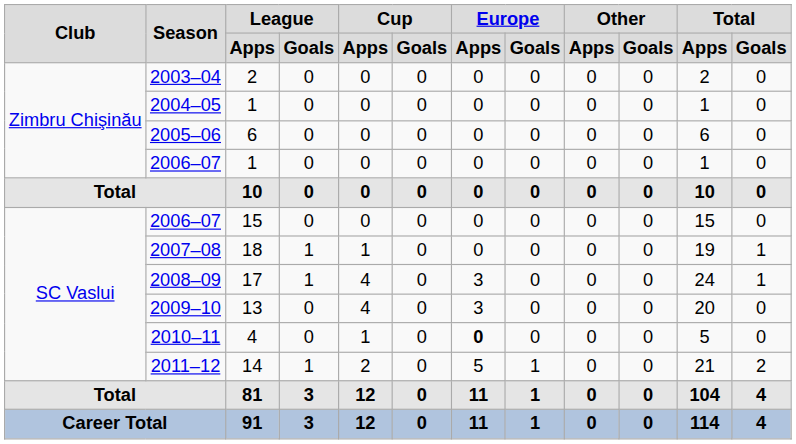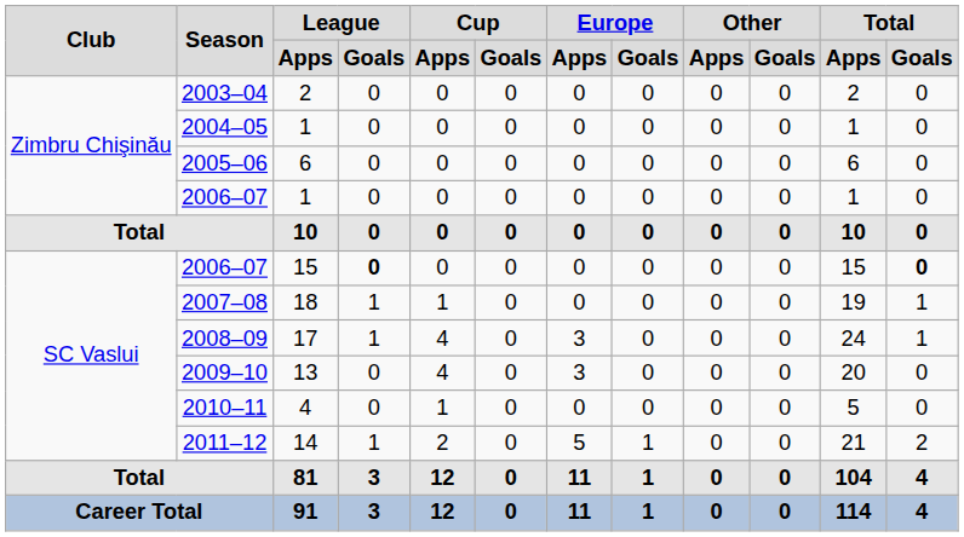 <table class="wikitable" style="text-align: center;">
 <tr>
 <th style="background: #DCDCDC; text-align: center" rowspan="2"><strong>Club</strong></th>
 <th style="background: #DCDCDC; text-align: center" rowspan="2"><strong>Season</strong></th>
 <th style="background: #DCDCDC; text-align: center" colspan="2"><strong>League</strong></th>
 <th style="background: #DCDCDC; text-align: center" colspan="2"><strong>Cup</strong></th>
 <th style="background: #DCDCDC; text-align: center" colspan="2"><a href='#'>Europe</a></th>
 <th style="background: #DCDCDC; text-align: center" colspan="2"><strong>Other</strong></th>
 <th style="background: #DCDCDC; text-align: center" colspan="3"><strong>Total</strong></th>
 </tr>
 <tr>
 <th style="background:#dcdcdc; text-align:center;">Apps</th>
 <th style="background:#dcdcdc; text-align:center;">Goals</th>
 <th style="background:#dcdcdc; text-align:center;">Apps</th>
 <th style="background:#dcdcdc; text-align:center;">Goals</th>
 <th style="background:#dcdcdc; text-align:center;">Apps</th>
 <th style="background:#dcdcdc; text-align:center;">Goals</th>
 <th style="background:#dcdcdc; text-align:center;">Apps</th>
 <th style="background:#dcdcdc; text-align:center;">Goals</th>
 <th style="background:#dcdcdc; text-align:center;">Apps</th>
 <th style="background:#dcdcdc; text-align:center;">Goals</th>
 </tr>
 <tr>
 <td rowspan="4"><a href='#'>Zimbru Chişinău</a></td>
 <td><a href='#'>2003–04</a></td>
 <td>2</td>
 <td>0</td>
 <td>0</td>
 <td>0</td>
 <td>0</td>
 <td>0</td>
 <td>0</td>
 <td>0</td>
 <td>2</td>
 <td>0</td>
 </tr>
 <tr>
 <td><a href='#'>2004–05</a></td>
 <td>1</td>
 <td>0</td>
 <td>0</td>
 <td>0</td>
 <td>0</td>
 <td>0</td>
 <td>0</td>
 <td>0</td>
 <td>1</td>
 <td>0</td>
 </tr>
 <tr>
 <td><a href='#'>2005–06</a></td>
 <td>6</td>
 <td>0</td>
 <td>0</td>
 <td>0</td>
 <td>0</td>
 <td>0</td>
 <td>0</td>
 <td>0</td>
 <td>6</td>
 <td>0</td>
 </tr>
 <tr>
 <td><a href='#'>2006–07</a></td>
 <td>1</td>
 <td>0</td>
 <td>0</td>
 <td>0</td>
 <td>0</td>
 <td>0</td>
 <td>0</td>
 <td>0</td>
 <td>1</td>
 <td>0</td>
 </tr>
 <tr>
 <th style="background: #E5E5E5; text-align: center" colspan="2">Total</th>
 <th style="background:#e5e5e5; text-align:center;">10</th>
 <th style="background:#e5e5e5; text-align:center;">0</th>
 <th style="background:#e5e5e5; text-align:center;">0</th>
 <th style="background:#e5e5e5; text-align:center;">0</th>
 <th style="background:#e5e5e5; text-align:center;">0</th>
 <th style="background:#e5e5e5; text-align:center;">0</th>
 <th style="background:#e5e5e5; text-align:center;">0</th>
 <th style="background:#e5e5e5; text-align:center;">0</th>
 <th style="background:#e5e5e5; text-align:center;">10</th>
 <th style="background:#e5e5e5; text-align:center;">0</th>
 </tr>
 <tr>
 <td rowspan="6"><a href='#'>SC Vaslui</a></td>
 <td><a href='#'>2006–07</a></td>
 <td>15</td>
-<td>0</td>
+<td><strong>0</strong></td>
 <td>0</td>
 <td>0</td>
 <td>0</td>
 <td>0</td>
 <td>0</td>
 <td>0</td>
 <td>15</td>
-<td>0</td>
+<td><strong>0</strong></td>
 </tr>
 <tr>
 <td><a href='#'>2007–08</a></td>
 <td>18</td>
 <td>1</td>
 <td>1</td>
 <td>0</td>
 <td>0</td>
 <td>0</td>
 <td>0</td>
 <td>0</td>
 <td>19</td>
 <td>1</td>
 </tr>
 <tr>
 <td><a href='#'>2008–09</a></td>
 <td>17</td>
 <td>1</td>
 <td>4</td>
 <td>0</td>
 <td>3</td>
 <td>0</td>
 <td>0</td>
 <td>0</td>
 <td>24</td>
 <td>1</td>
 </tr>
 <tr>
 <td><a href='#'>2009–10</a></td>
 <td>13</td>
 <td>0</td>
 <td>4</td>
 <td>0</td>
 <td>3</td>
 <td>0</td>
 <td>0</td>
 <td>0</td>
 <td>20</td>
 <td>0</td>
 </tr>
 <tr>
 <td><a href='#'>2010–11</a></td>
 <td>4</td>
 <td>0</td>
 <td>1</td>
 <td>0</td>
-<td><strong>0</strong></td>
+<td>0</td>
 <td>0</td>
 <td>0</td>
 <td>0</td>
 <td>5</td>
 <td>0</td>
 </tr>
 <tr>
 <td><a href='#'>2011–12</a></td>
 <td>14</td>
 <td>1</td>
 <td>2</td>
 <td>0</td>
 <td>5</td>
 <td>1</td>
 <td>0</td>
 <td>0</td>
 <td>21</td>
 <td>2</td>
 </tr>
 <tr>
 <th style="background: #E5E5E5; text-align: center" colspan="2">Total</th>
 <th style="background:#e5e5e5; text-align:center;">81</th>
 <th style="background:#e5e5e5; text-align:center;">3</th>
 <th style="background:#e5e5e5; text-align:center;">12</th>
 <th style="background:#e5e5e5; text-align:center;">0</th>
 <th style="background:#e5e5e5; text-align:center;">11</th>
 <th style="background:#e5e5e5; text-align:center;">1</th>
 <th style="background:#e5e5e5; text-align:center;">0</th>
 <th style="background:#e5e5e5; text-align:center;">0</th>
 <th style="background:#e5e5e5; text-align:center;">104</th>
 <th style="background:#e5e5e5; text-align:center;">4</th>
 </tr>
 <tr>
 <th style="background: #b0c4de; text-align: center" colspan="2"><strong>Career Total</strong></th>
 <th style="background:#b0c4de; text-align:center;">91</th>
 <th style="background:#b0c4de; text-align:center;">3</th>
 <th style="background:#b0c4de; text-align:center;">12</th>
 <th style="background:#b0c4de; text-align:center;">0</th>
 <th style="background:#b0c4de; text-align:center;">11</th>
 <th style="background:#b0c4de; text-align:center;">1</th>
 <th style="background:#b0c4de; text-align:center;">0</th>
 <th style="background:#b0c4de; text-align:center;">0</th>
 <th style="background:#b0c4de; text-align:center;">114</th>
 <th style="background:#b0c4de; text-align:center;">4</th>
 </tr>
 </table>
